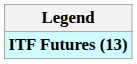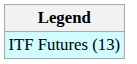 <table class=wikitable style=font-size:97%>
 <tr>
 <th>Legend</th>
 </tr>
 <tr bgcolor=cffcff>
-<td><strong>ITF Futures (13)</strong></td>
+<td>ITF Futures (13)</td>
 </tr>
 </table>
